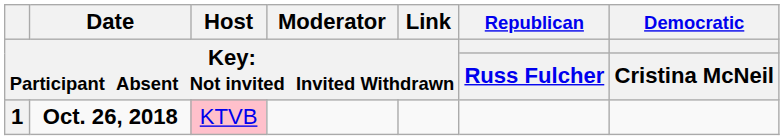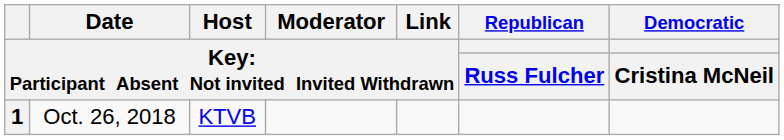 <table class="wikitable" style="text-align:center;">
 <tr>
 <th scope="col"></th>
 <th scope="col">Date</th>
 <th scope="col">Host</th>
 <th scope="col">Moderator</th>
 <th scope="col">Link</th>
 <th scope="col"><small><a href='#'>Republican</a></small></th>
 <th scope="col"><small><a href='#'>Democratic</a></small></th>
 </tr>
 <tr>
 <th colspan="5" rowspan="2">Key:<br> <small>Participant </small>  <small>Absent </small>  <small>Not invited </small>  <small>Invited  Withdrawn</small></th>
 <th scope="col" style="background:"></th>
 <th scope="col" style="background:"></th>
 </tr>
 <tr>
 <th scope="col"><a href='#'>Russ Fulcher</a></th>
 <th scope="col">Cristina McNeil</th>
 </tr>
 <tr>
 <th>1</th>
-<td style="white-space:nowrap;"><strong>Oct. 26, 2018</strong></td>
-<td style="background: pink; white-space:nowrap;"><a href='#'>KTVB</a></td>
+<td style="white-space:nowrap;">Oct. 26, 2018</td>
+<td style="white-space:nowrap;"><a href='#'>KTVB</a></td>
 <td style="white-space:nowrap;"></td>
 <td style="white-space:nowrap;"></td>
 <td></td>
 <td></td>
 </tr>
 </table>
